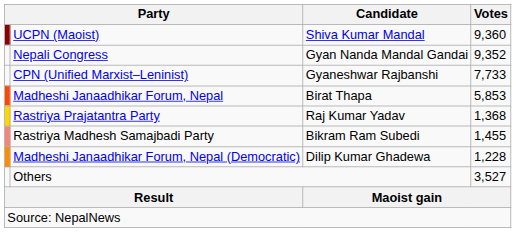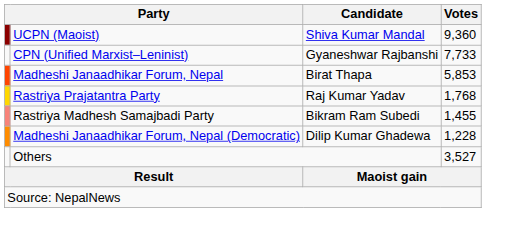 <table class="wikitable">
 <tr>
 <th colspan="2">Party</th>
 <th>Candidate</th>
 <th>Votes</th>
 </tr>
 <tr>
 <td style="background-color:darkred"></td>
 <td><a href='#'>UCPN (Maoist)</a></td>
 <td><a href='#'>Shiva Kumar Mandal</a></td>
 <td>9,360</td>
-</tr>
-<tr>
-<td style="background-color:"></td>
-<td><a href='#'>Nepali Congress</a></td>
-<td>Gyan Nanda Mandal Gandai</td>
-<td>9,352</td>
 </tr>
 <tr>
 <td style="background-color:"></td>
 <td><a href='#'>CPN (Unified Marxist–Leninist)</a></td>
 <td>Gyaneshwar Rajbanshi</td>
 <td>7,733</td>
 </tr>
 <tr>
 <td style="background-color:orangered"></td>
 <td><a href='#'>Madheshi Janaadhikar Forum, Nepal</a></td>
 <td>Birat Thapa</td>
 <td>5,853</td>
 </tr>
 <tr>
 <td style="background-color:gold"></td>
 <td><a href='#'>Rastriya Prajatantra Party</a></td>
 <td>Raj Kumar Yadav</td>
-<td>1,368</td>
+<td>1,768</td>
 </tr>
 <tr>
 <td style="background-color:#F88379"></td>
 <td>Rastriya Madhesh Samajbadi Party</td>
 <td>Bikram Ram Subedi</td>
 <td>1,455</td>
 </tr>
 <tr>
 <td style="background-color:darkorange"></td>
 <td><a href='#'>Madheshi Janaadhikar Forum, Nepal (Democratic)</a></td>
 <td>Dilip Kumar Ghadewa</td>
 <td>1,228</td>
 </tr>
 <tr>
 <td></td>
 <td colspan="2">Others</td>
 <td>3,527</td>
 </tr>
 <tr>
 <th colspan="2">Result</th>
 <th colspan="2">Maoist gain</th>
 </tr>
 <tr>
 <td colspan="4">Source: NepalNews</td>
 </tr>
 </table>
